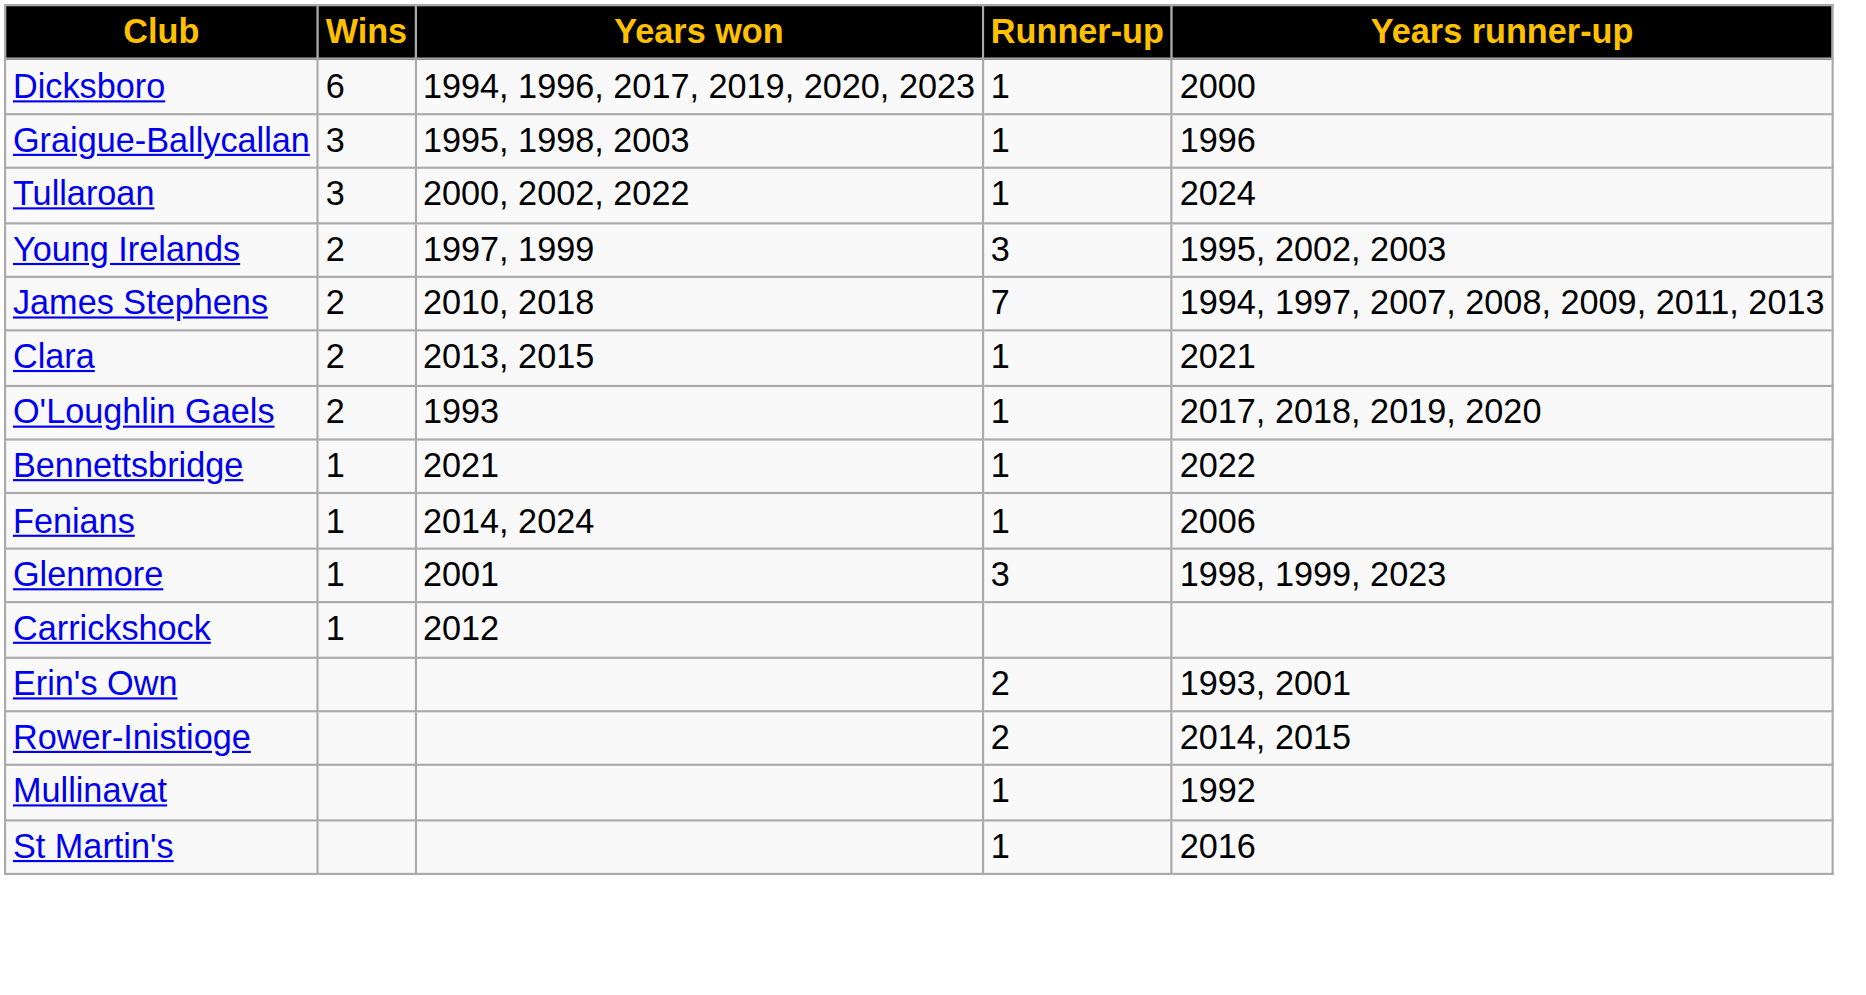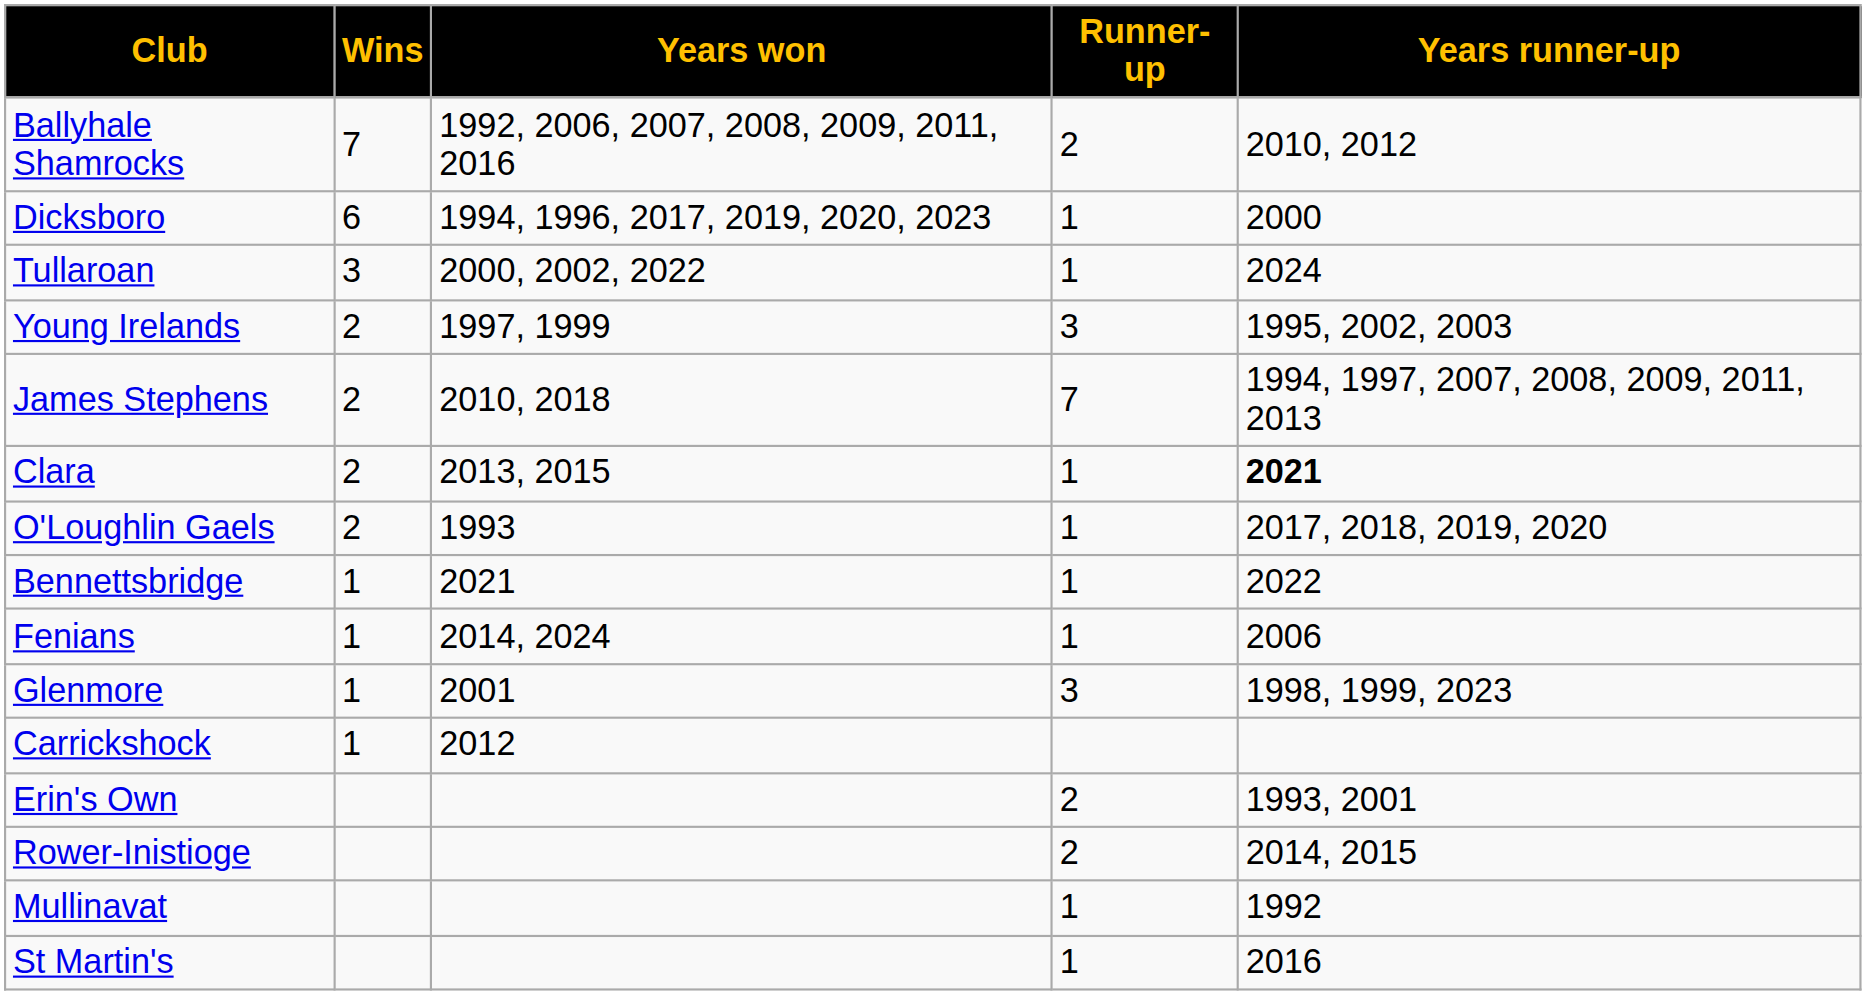 <table class="wikitable">
 <tr>
 <th style="background:black;color:#FFC000;">Club</th>
 <th style="background:black;color:#FFC000;">Wins</th>
 <th style="background:black;color:#FFC000;">Years won</th>
 <th style="background:black;color:#FFC000;">Runner-up</th>
 <th style="background:black;color:#FFC000;">Years runner-up</th>
 </tr>
 <tr>
+<td><a href='#'>Ballyhale Shamrocks</a></td>
+<td>7</td>
+<td>1992, 2006, 2007, 2008, 2009, 2011, 2016</td>
+<td>2</td>
+<td>2010, 2012</td>
+</tr>
+<tr>
 <td><a href='#'>Dicksboro</a></td>
 <td>6</td>
 <td>1994, 1996, 2017, 2019, 2020, 2023</td>
 <td>1</td>
 <td>2000</td>
-</tr>
-<tr>
-<td><a href='#'>Graigue-Ballycallan</a></td>
-<td>3</td>
-<td>1995, 1998, 2003</td>
-<td>1</td>
-<td>1996</td>
 </tr>
 <tr>
 <td><a href='#'>Tullaroan</a></td>
 <td>3</td>
 <td>2000, 2002, 2022</td>
 <td>1</td>
 <td>2024</td>
 </tr>
 <tr>
 <td><a href='#'>Young Irelands</a></td>
 <td>2</td>
 <td>1997, 1999</td>
 <td>3</td>
 <td>1995, 2002, 2003</td>
 </tr>
 <tr>
 <td><a href='#'>James Stephens</a></td>
 <td>2</td>
 <td>2010, 2018</td>
 <td>7</td>
 <td>1994, 1997, 2007, 2008, 2009, 2011, 2013</td>
 </tr>
 <tr>
 <td><a href='#'>Clara</a></td>
 <td>2</td>
 <td>2013, 2015</td>
 <td>1</td>
-<td>2021</td>
+<td><strong>2021</strong></td>
 </tr>
 <tr>
 <td><a href='#'>O'Loughlin Gaels</a></td>
 <td>2</td>
 <td>1993</td>
 <td>1</td>
 <td>2017, 2018, 2019, 2020</td>
 </tr>
 <tr>
 <td><a href='#'>Bennettsbridge</a></td>
 <td>1</td>
 <td>2021</td>
 <td>1</td>
 <td>2022</td>
 </tr>
 <tr>
 <td><a href='#'>Fenians</a></td>
 <td>1</td>
 <td>2014, 2024</td>
 <td>1</td>
 <td>2006</td>
 </tr>
 <tr>
 <td><a href='#'>Glenmore</a></td>
 <td>1</td>
 <td>2001</td>
 <td>3</td>
 <td>1998, 1999, 2023</td>
 </tr>
 <tr>
 <td><a href='#'>Carrickshock</a></td>
 <td>1</td>
 <td>2012</td>
 <td></td>
 <td></td>
 </tr>
 <tr>
 <td><a href='#'>Erin's Own</a></td>
 <td></td>
 <td></td>
 <td>2</td>
 <td>1993, 2001</td>
 </tr>
 <tr>
 <td><a href='#'>Rower-Inistioge</a></td>
 <td></td>
 <td></td>
 <td>2</td>
 <td>2014, 2015</td>
 </tr>
 <tr>
 <td><a href='#'>Mullinavat</a></td>
 <td></td>
 <td></td>
 <td>1</td>
 <td>1992</td>
 </tr>
 <tr>
 <td><a href='#'>St Martin's</a></td>
 <td></td>
 <td></td>
 <td>1</td>
 <td>2016</td>
 </tr>
 </table>
